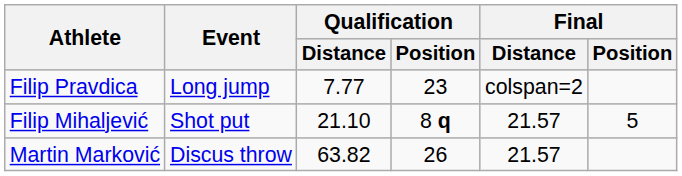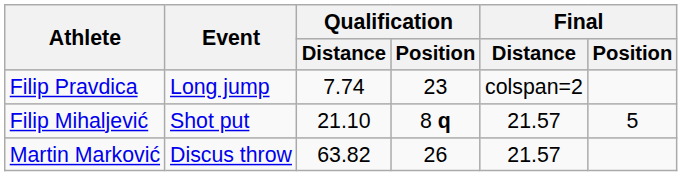 <table class=wikitable style=font-size:90%>
 <tr>
 <th rowspan=2>Athlete</th>
 <th rowspan=2>Event</th>
 <th colspan=2>Qualification</th>
 <th colspan=2>Final</th>
 </tr>
 <tr style=font-size:95%>
 <th>Distance</th>
 <th>Position</th>
 <th>Distance</th>
 <th>Position</th>
 </tr>
 <tr align=center>
 <td align=left><a href='#'>Filip Pravdica</a></td>
 <td align=left><a href='#'>Long jump</a></td>
-<td>7.77</td>
+<td>7.74</td>
 <td>23</td>
 <td>colspan=2 </td>
 </tr>
 <tr align=center>
 <td align=left><a href='#'>Filip Mihaljević</a></td>
 <td align=left><a href='#'>Shot put</a></td>
 <td>21.10</td>
 <td>8 <strong>q</strong></td>
 <td>21.57</td>
 <td>5</td>
 </tr>
 <tr align=center>
 <td align=left><a href='#'>Martin Marković</a></td>
 <td align=left><a href='#'>Discus throw</a></td>
 <td>63.82</td>
 <td>26</td>
 <td>21.57</td>
 </tr>
 </table>
